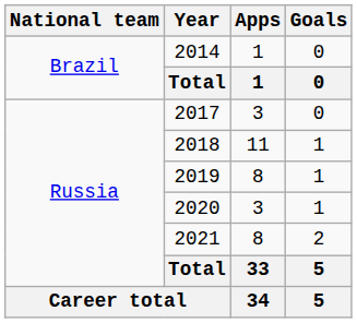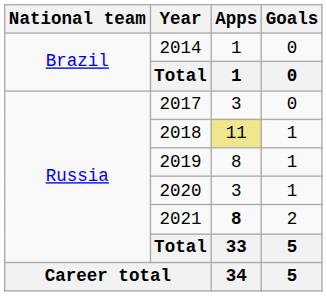 <table class="wikitable" style="text-align: center;">
 <tr>
 <th>National team</th>
 <th>Year</th>
 <th>Apps</th>
 <th>Goals</th>
 </tr>
 <tr>
 <td rowspan="2"><a href='#'>Brazil</a></td>
 <td>2014</td>
 <td>1</td>
 <td>0</td>
 </tr>
 <tr>
 <th>Total</th>
 <th>1</th>
 <th>0</th>
 </tr>
 <tr>
 <td rowspan="6"><a href='#'>Russia</a></td>
 <td>2017</td>
 <td>3</td>
 <td>0</td>
 </tr>
 <tr>
 <td>2018</td>
-<td>11</td>
+<td style="background: khaki;">11</td>
 <td>1</td>
 </tr>
 <tr>
 <td>2019</td>
 <td>8</td>
 <td>1</td>
 </tr>
 <tr>
 <td>2020</td>
 <td>3</td>
 <td>1</td>
 </tr>
 <tr>
 <td>2021</td>
-<td>8</td>
+<td><strong>8</strong></td>
 <td>2</td>
 </tr>
 <tr>
 <th>Total</th>
 <th>33</th>
 <th>5</th>
 </tr>
 <tr>
 <th colspan="2">Career total</th>
 <th>34</th>
 <th>5</th>
 </tr>
 </table>
